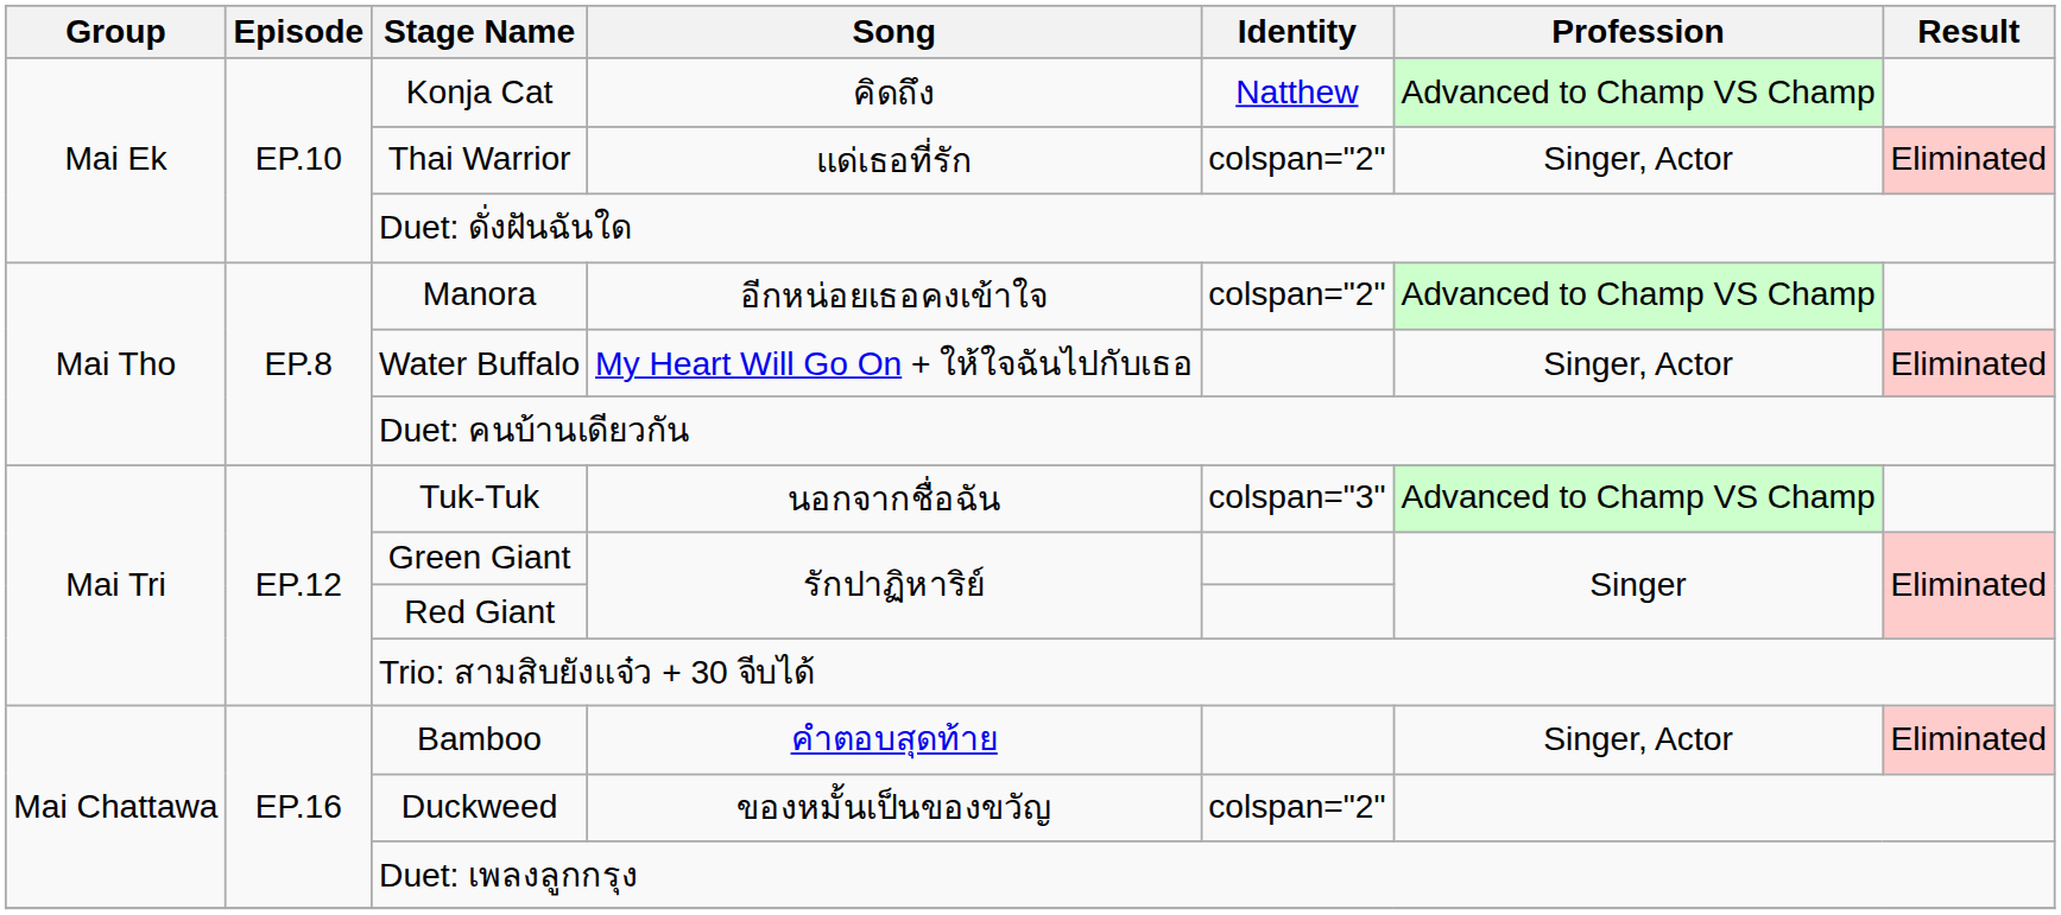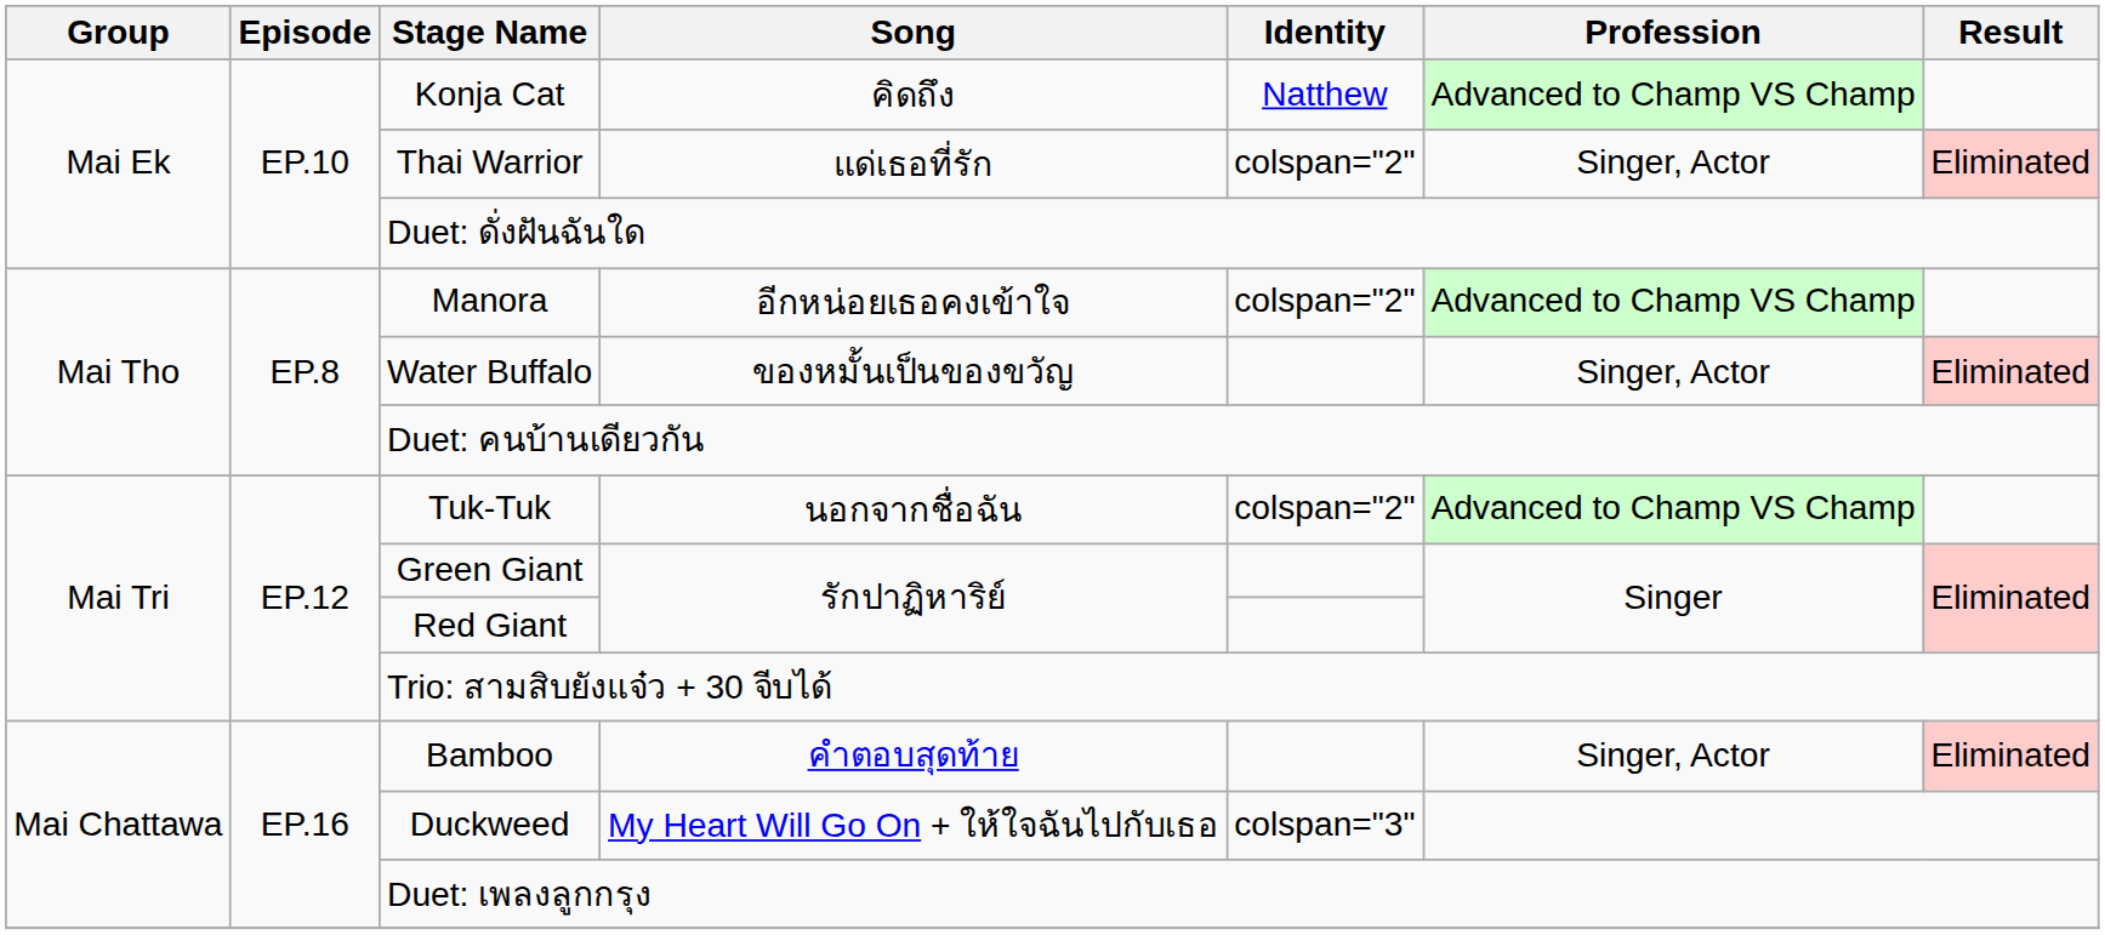 <table class="wikitable">
 <tr>
 <th>Group</th>
 <th>Episode</th>
 <th>Stage Name</th>
 <th>Song</th>
 <th>Identity</th>
 <th>Profession</th>
 <th>Result</th>
 </tr>
 <tr>
 <td align="center" rowspan="3">Mai Ek</td>
 <td rowspan="3" align="center">EP.10</td>
 <td style="text-align:center;">Konja Cat</td>
 <td style="text-align:center;">คิดถึง</td>
 <td style="text-align:center;"><a href='#'>Natthew</a></td>
 <td style="text-align:center; background:#ccffcc;">Advanced to Champ VS Champ</td>
 </tr>
 <tr>
 <td style="text-align:center;">Thai Warrior</td>
 <td style="text-align:center;">แด่เธอที่รัก</td>
 <td>colspan="2"  </td>
 <td style="text-align:center;">Singer, Actor</td>
 <td style="text-align:center; background:#ffcccc;">Eliminated</td>
 </tr>
 <tr>
 <td colspan="5">Duet: ดั่งฝันฉันใด</td>
 </tr>
 <tr>
 <td align="center" rowspan="3">Mai Tho</td>
 <td rowspan="3" align="center">EP.8</td>
 <td style="text-align:center;">Manora</td>
 <td style="text-align:center;">อีกหน่อยเธอคงเข้าใจ</td>
 <td>colspan="2"  </td>
 <td style="text-align:center; background:#ccffcc;">Advanced to Champ VS Champ</td>
 </tr>
 <tr>
 <td style="text-align:center;">Water Buffalo</td>
-<td style="text-align:center;"><a href='#'>My Heart Will Go On</a> + ให้ใจฉันไปกับเธอ</td>
+<td style="text-align:center;">ของหมั้นเป็นของขวัญ</td>
 <td style="text-align:center;"></td>
 <td style="text-align:center;">Singer, Actor</td>
 <td style="text-align:center; background:#ffcccc;">Eliminated</td>
 </tr>
 <tr>
 <td colspan="5">Duet: คนบ้านเดียวกัน</td>
 </tr>
 <tr>
 <td align="center" rowspan="4">Mai Tri</td>
 <td rowspan="4" align="center">EP.12</td>
 <td style="text-align:center;">Tuk-Tuk</td>
 <td style="text-align:center;">นอกจากชื่อฉัน</td>
-<td>colspan="3"  </td>
+<td>colspan="2"  </td>
 <td style="text-align:center; background:#ccffcc;">Advanced to Champ VS Champ</td>
 </tr>
 <tr>
 <td style="text-align:center;">Green Giant</td>
 <td rowspan="2" style="text-align:center;">รักปาฏิหาริย์</td>
 <td style="text-align:center;"></td>
 <td rowspan="2" style="text-align:center;">Singer</td>
 <td rowspan="2" style="text-align:center; background:#ffcccc;">Eliminated</td>
 </tr>
 <tr>
 <td style="text-align:center;">Red Giant</td>
 <td style="text-align:center;"></td>
 </tr>
 <tr>
 <td colspan="5">Trio: สามสิบยังแจ๋ว + 30 จีบได้</td>
 </tr>
 <tr>
 <td align="center" rowspan="3">Mai Chattawa</td>
 <td rowspan="3" align="center">EP.16</td>
 <td style="text-align:center;">Bamboo</td>
 <td style="text-align:center;"><a href='#'>คําตอบสุดท้าย</a></td>
 <td style="text-align:center;"></td>
 <td style="text-align:center;">Singer, Actor</td>
 <td style="text-align:center; background:#ffcccc;">Eliminated</td>
 </tr>
 <tr>
 <td style="text-align:center;">Duckweed</td>
-<td style="text-align:center;">ของหมั้นเป็นของขวัญ</td>
-<td>colspan="2"  </td>
+<td style="text-align:center;"><a href='#'>My Heart Will Go On</a> + ให้ใจฉันไปกับเธอ</td>
+<td>colspan="3"  </td>
 </tr>
 <tr>
 <td colspan="5">Duet: เพลงลูกกรุง</td>
 </tr>
 <tr>
 </tr>
 </table>
